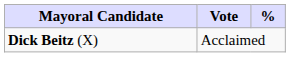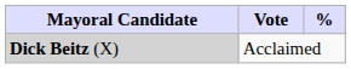 <table class="wikitable">
 <tr>
 <th style="background:#ddf; width:200px;">Mayoral Candidate</th>
 <th style="background:#ddf; width:50px;">Vote</th>
 <th style="background:#ddf; width:30px;">%</th>
 </tr>
 <tr>
-<td><strong>Dick Beitz</strong> (X)</td>
+<td style="background: lightgrey;"><strong>Dick Beitz</strong> (X)</td>
 <td colspan="2">Acclaimed</td>
 </tr>
 </table>
